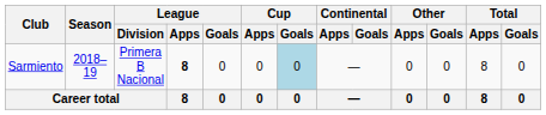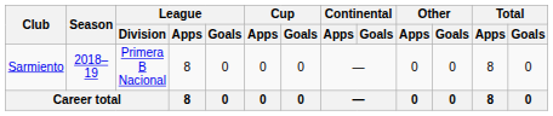 <table class="wikitable" style="text-align:center">
 <tr>
 <th rowspan="2">Club</th>
 <th rowspan="2">Season</th>
 <th colspan="3">League</th>
 <th colspan="2">Cup</th>
 <th colspan="2">Continental</th>
 <th colspan="2">Other</th>
 <th colspan="2">Total</th>
 </tr>
 <tr>
 <th>Division</th>
 <th>Apps</th>
 <th>Goals</th>
 <th>Apps</th>
 <th>Goals</th>
 <th>Apps</th>
 <th>Goals</th>
 <th>Apps</th>
 <th>Goals</th>
 <th>Apps</th>
 <th>Goals</th>
 </tr>
 <tr>
 <td rowspan="1"><a href='#'>Sarmiento</a></td>
 <td><a href='#'>2018–19</a></td>
 <td rowspan="1"><a href='#'>Primera B Nacional</a></td>
-<td><strong>8</strong></td>
+<td>8</td>
 <td>0</td>
 <td>0</td>
-<td style="background: lightblue;">0</td>
+<td>0</td>
 <td colspan="2">—</td>
 <td>0</td>
 <td>0</td>
 <td>8</td>
 <td>0</td>
 </tr>
 <tr>
 <th colspan="3">Career total</th>
 <th>8</th>
 <th>0</th>
 <th>0</th>
 <th>0</th>
 <th colspan="2">—</th>
 <th>0</th>
 <th>0</th>
 <th>8</th>
 <th>0</th>
 </tr>
 </table>
